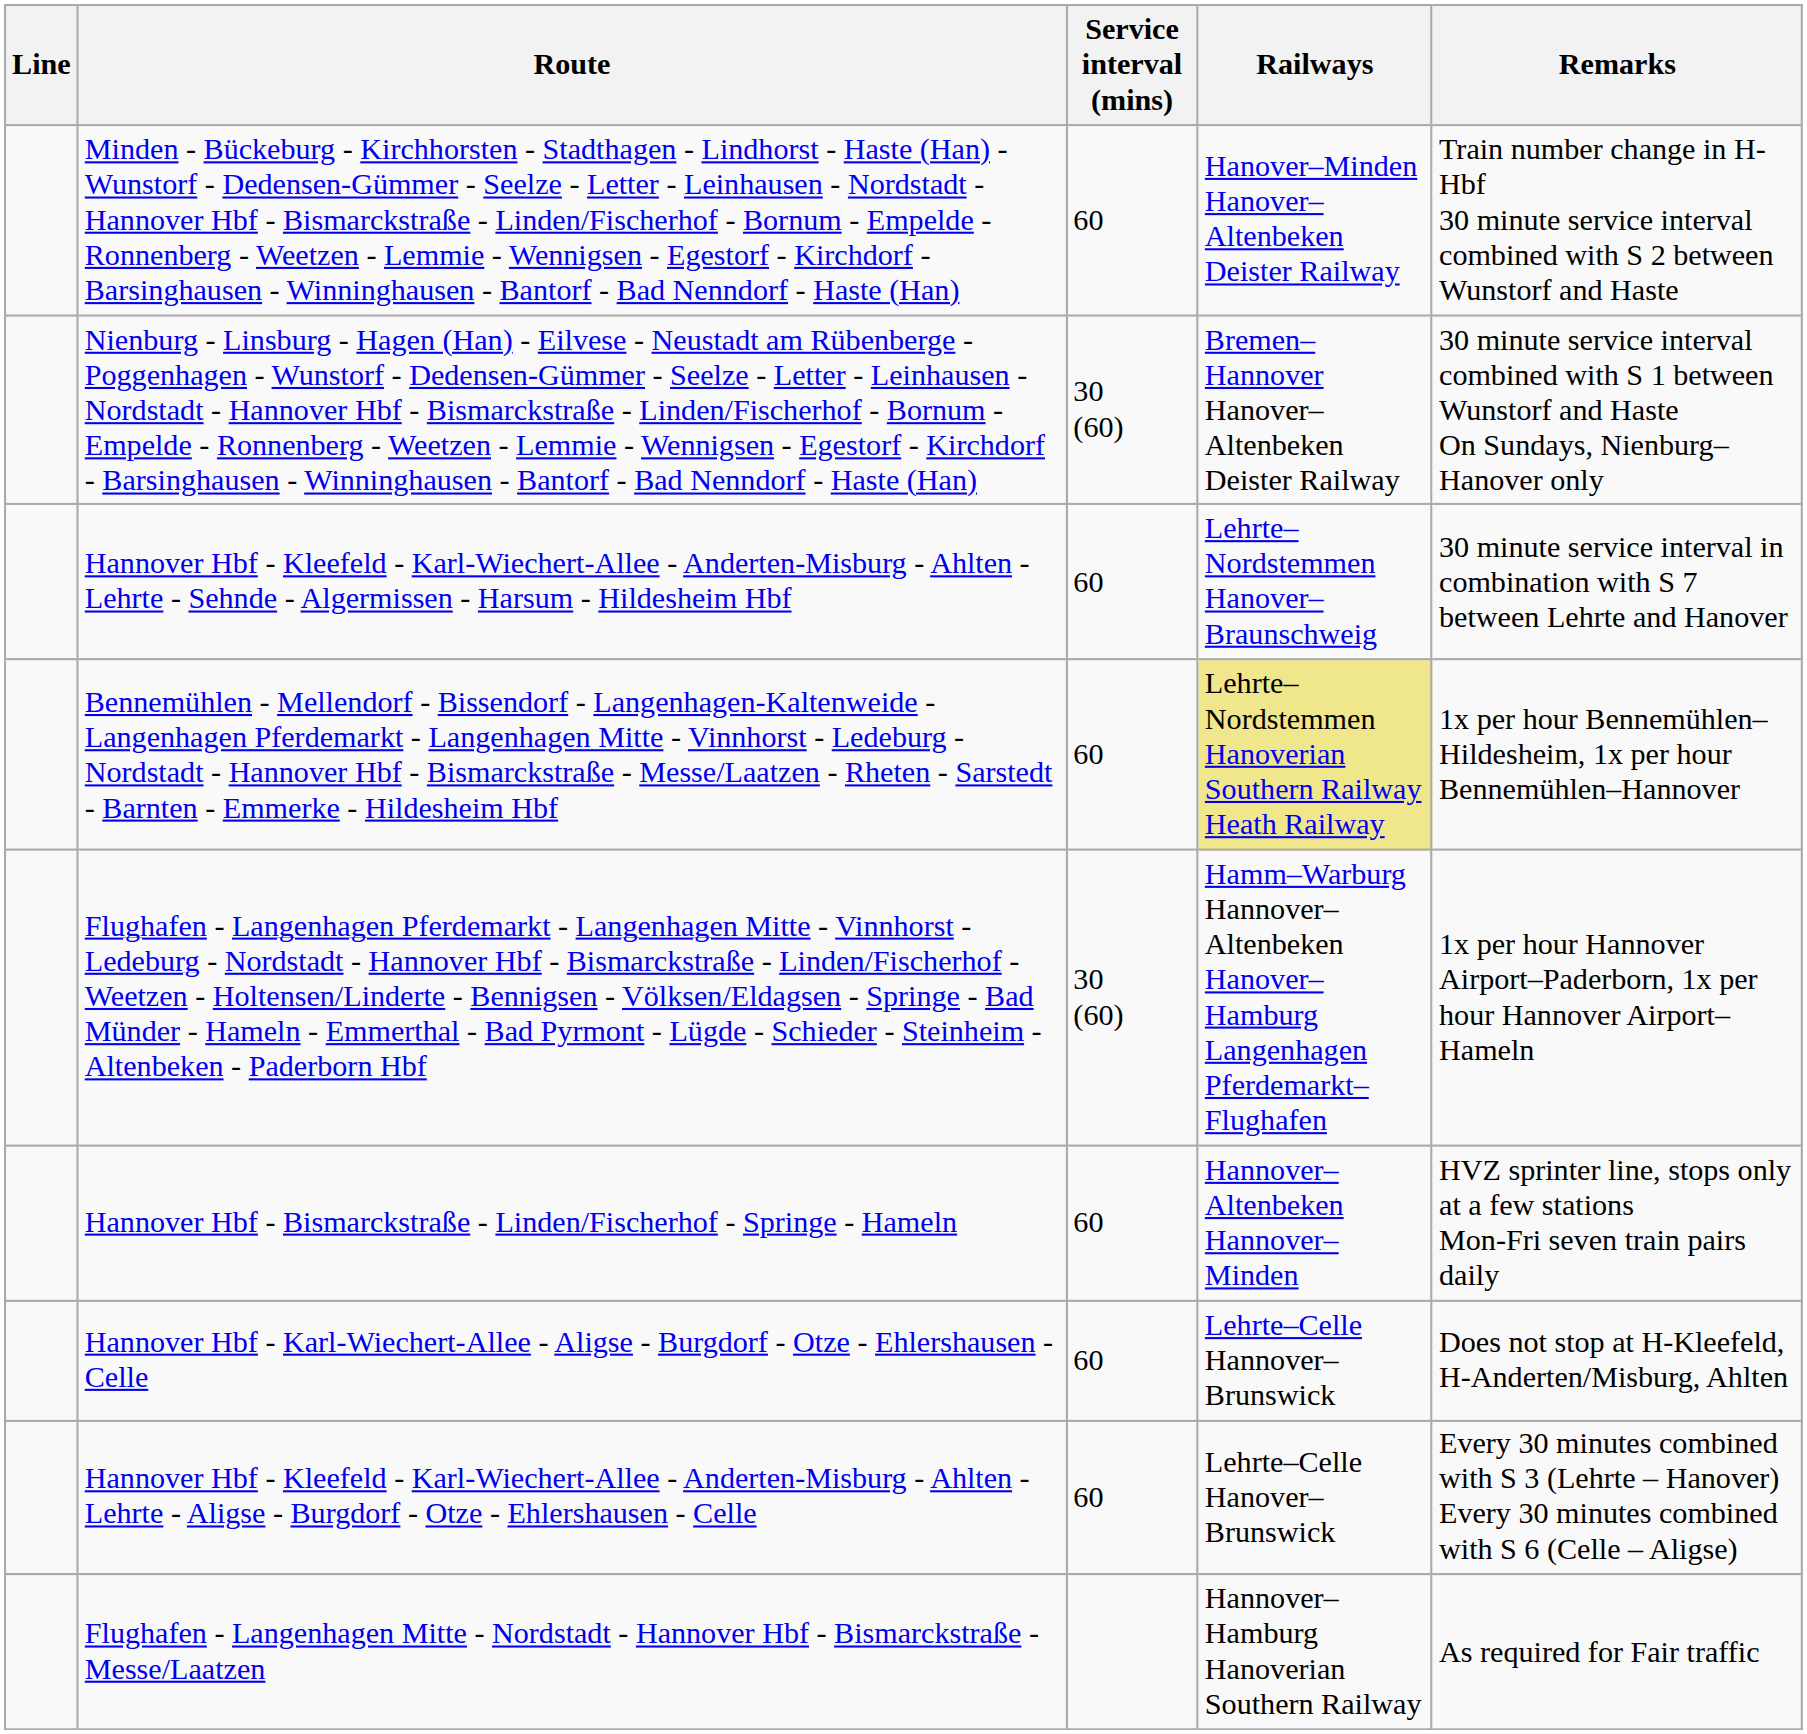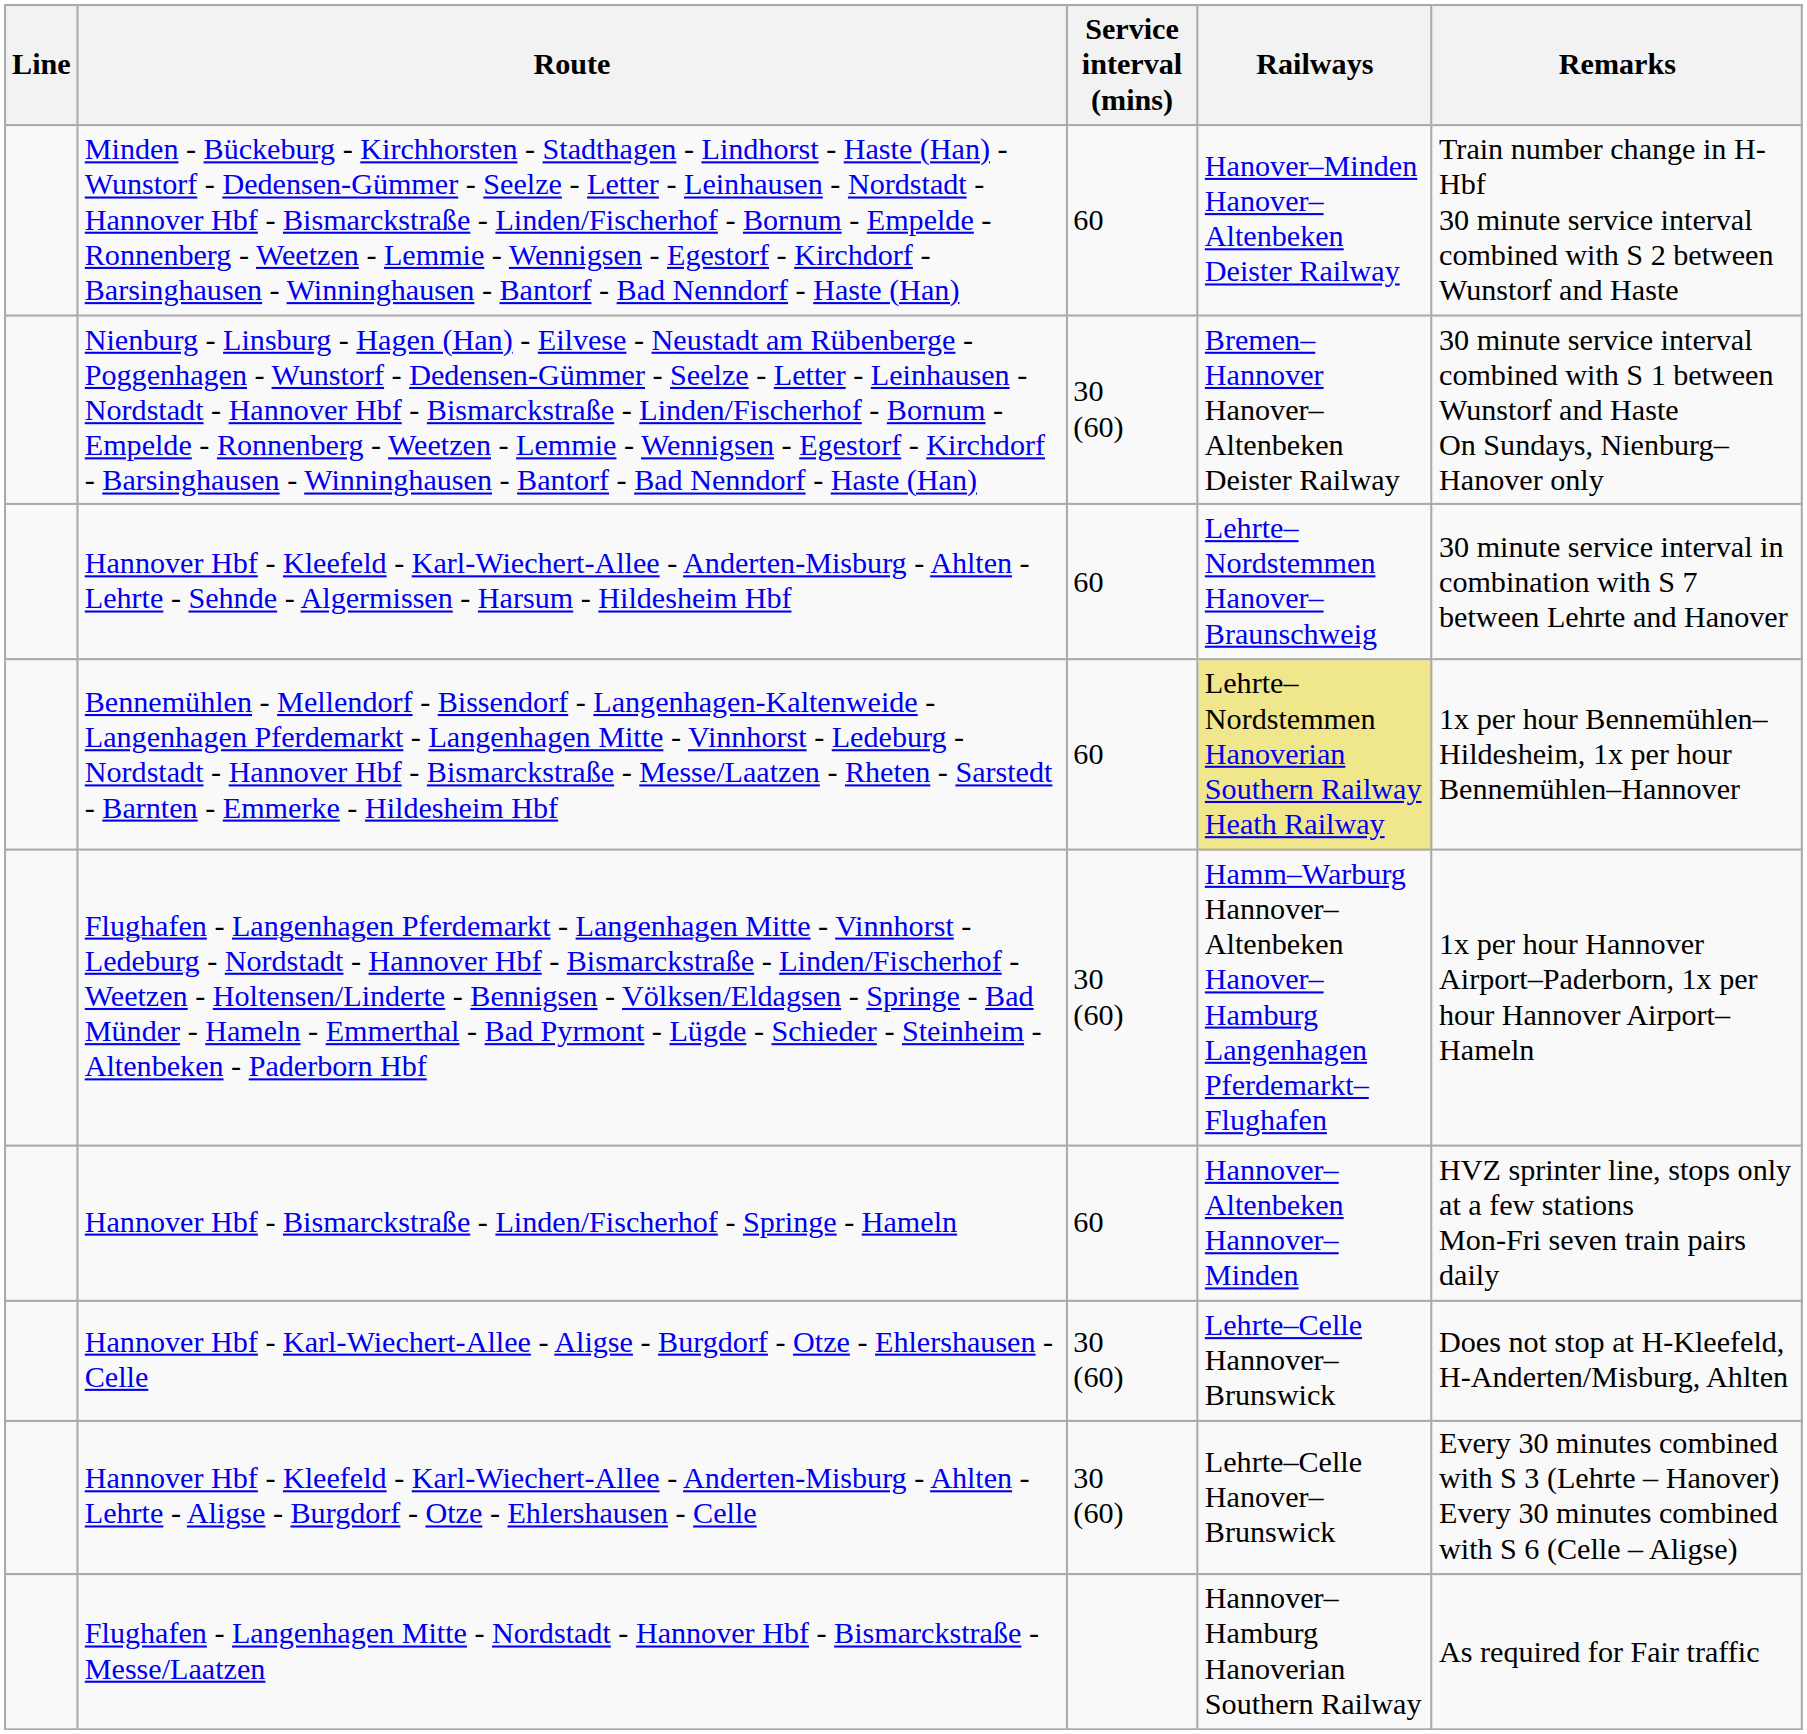 <table class="wikitable" style="font-size:91%;">
 <tr class="hintergrundfarbe5">
 <th>Line</th>
 <th>Route</th>
 <th>Service interval<br> (mins)</th>
 <th>Railways</th>
 <th>Remarks</th>
 </tr>
 <tr>
 <td style="font-size:111%;"></td>
 <td><a href='#'>Minden</a> - <a href='#'>Bückeburg</a> - <a href='#'>Kirchhorsten</a> - <a href='#'>Stadthagen</a> - <a href='#'>Lindhorst</a> - <a href='#'>Haste (Han)</a> - <a href='#'>Wunstorf</a> - <a href='#'>Dedensen-Gümmer</a> - <a href='#'>Seelze</a> - <a href='#'>Letter</a> - <a href='#'>Leinhausen</a> - <a href='#'>Nordstadt</a> - <a href='#'>Hannover Hbf</a> - <a href='#'>Bismarckstraße</a> - <a href='#'>Linden/Fischerhof</a> - <a href='#'>Bornum</a> - <a href='#'>Empelde</a> - <a href='#'>Ronnenberg</a> - <a href='#'>Weetzen</a> - <a href='#'>Lemmie</a> - <a href='#'>Wennigsen</a> - <a href='#'>Egestorf</a> - <a href='#'>Kirchdorf</a> - <a href='#'>Barsinghausen</a> - <a href='#'>Winninghausen</a> - <a href='#'>Bantorf</a> - <a href='#'>Bad Nenndorf</a> - <a href='#'>Haste (Han)</a></td>
 <td>60</td>
 <td><a href='#'>Hanover–Minden</a> <br> <a href='#'>Hanover–Altenbeken</a> <br> <a href='#'>Deister Railway</a></td>
 <td>Train number change in H-Hbf <br> 30 minute service interval combined with S 2 between Wunstorf and Haste</td>
 </tr>
 <tr>
 <td style="font-size:111%;"></td>
 <td><a href='#'>Nienburg</a> - <a href='#'>Linsburg</a> - <a href='#'>Hagen (Han)</a> - <a href='#'>Eilvese</a> - <a href='#'>Neustadt am Rübenberge</a> - <a href='#'>Poggenhagen</a> - <a href='#'>Wunstorf</a> - <a href='#'>Dedensen-Gümmer</a> - <a href='#'>Seelze</a> - <a href='#'>Letter</a> - <a href='#'>Leinhausen</a> - <a href='#'>Nordstadt</a> - <a href='#'>Hannover Hbf</a> - <a href='#'>Bismarckstraße</a> - <a href='#'>Linden/Fischerhof</a> - <a href='#'>Bornum</a> - <a href='#'>Empelde</a> - <a href='#'>Ronnenberg</a> - <a href='#'>Weetzen</a> - <a href='#'>Lemmie</a> - <a href='#'>Wennigsen</a> - <a href='#'>Egestorf</a> - <a href='#'>Kirchdorf</a> - <a href='#'>Barsinghausen</a> - <a href='#'>Winninghausen</a> - <a href='#'>Bantorf</a> - <a href='#'>Bad Nenndorf</a> - <a href='#'>Haste (Han)</a></td>
 <td>30 <br> (60)</td>
 <td><a href='#'>Bremen–Hannover</a> <br> Hanover–Altenbeken <br> Deister Railway</td>
 <td>30 minute service interval combined with S 1 between Wunstorf and Haste<br> On Sundays, Nienburg–Hanover only</td>
 </tr>
 <tr>
 <td style="font-size:111%;"></td>
 <td><a href='#'>Hannover Hbf</a> - <a href='#'>Kleefeld</a> - <a href='#'>Karl-Wiechert-Allee</a> - <a href='#'>Anderten-Misburg</a> - <a href='#'>Ahlten</a> - <a href='#'>Lehrte</a> - <a href='#'>Sehnde</a>  - <a href='#'>Algermissen</a> - <a href='#'>Harsum</a> - <a href='#'>Hildesheim Hbf</a></td>
 <td>60</td>
 <td><a href='#'>Lehrte–Nordstemmen</a> <br> <a href='#'>Hanover–Braunschweig</a></td>
 <td>30 minute service interval in combination with S 7 between Lehrte and Hanover</td>
 </tr>
 <tr>
 <td style="font-size:111%;"></td>
 <td><a href='#'>Bennemühlen</a> - <a href='#'>Mellendorf</a> - <a href='#'>Bissendorf</a> - <a href='#'>Langenhagen-Kaltenweide</a> - <a href='#'>Langenhagen Pferdemarkt</a> - <a href='#'>Langenhagen Mitte</a> - <a href='#'>Vinnhorst</a> - <a href='#'>Ledeburg</a> - <a href='#'>Nordstadt</a> - <a href='#'>Hannover Hbf</a> - <a href='#'>Bismarckstraße</a> - <a href='#'>Messe/Laatzen</a> - <a href='#'>Rheten</a> - <a href='#'>Sarstedt</a> - <a href='#'>Barnten</a> - <a href='#'>Emmerke</a> - <a href='#'>Hildesheim Hbf</a></td>
 <td>60</td>
 <td style="background: khaki;">Lehrte–Nordstemmen <br> <a href='#'>Hanoverian Southern Railway</a> <br> <a href='#'>Heath Railway</a></td>
 <td>1x per hour Bennemühlen–Hildesheim, 1x per hour Bennemühlen–Hannover</td>
 </tr>
 <tr>
 <td style="font-size:111%;"></td>
 <td><a href='#'>Flughafen</a> - <a href='#'>Langenhagen Pferdemarkt</a> - <a href='#'>Langenhagen Mitte</a> - <a href='#'>Vinnhorst</a> - <a href='#'>Ledeburg</a> - <a href='#'>Nordstadt</a> - <a href='#'>Hannover Hbf</a> - <a href='#'>Bismarckstraße</a> - <a href='#'>Linden/Fischerhof</a> - <a href='#'>Weetzen</a> - <a href='#'>Holtensen/Linderte</a> - <a href='#'>Bennigsen</a> - <a href='#'>Völksen/Eldagsen</a> - <a href='#'>Springe</a> - <a href='#'>Bad Münder</a> - <a href='#'>Hameln</a> - <a href='#'>Emmerthal</a> - <a href='#'>Bad Pyrmont</a> - <a href='#'>Lügde</a> - <a href='#'>Schieder</a> - <a href='#'>Steinheim</a> - <a href='#'>Altenbeken</a> - <a href='#'>Paderborn Hbf</a></td>
 <td>30 <br> (60)</td>
 <td><a href='#'>Hamm–Warburg</a> <br> Hannover–Altenbeken <br>  <a href='#'>Hanover–Hamburg</a> <br> <a href='#'>Langenhagen Pferdemarkt–Flughafen</a></td>
 <td>1x per hour Hannover Airport–Paderborn, 1x per hour Hannover Airport–Hameln</td>
 </tr>
 <tr>
 <td style="font-size:111%;"></td>
 <td><a href='#'>Hannover Hbf</a> - <a href='#'>Bismarckstraße</a> - <a href='#'>Linden/Fischerhof</a> - <a href='#'>Springe</a> - <a href='#'>Hameln</a></td>
 <td>60</td>
 <td><a href='#'>Hannover–Altenbeken</a><br><a href='#'>Hannover–Minden</a></td>
 <td>HVZ sprinter line, stops only at a few stations<br>Mon-Fri seven train pairs daily</td>
 </tr>
 <tr>
 <td style="font-size:111%;"></td>
 <td><a href='#'>Hannover Hbf</a> - <a href='#'>Karl-Wiechert-Allee</a> - <a href='#'>Aligse</a> - <a href='#'>Burgdorf</a> - <a href='#'>Otze</a> - <a href='#'>Ehlershausen</a> - <a href='#'>Celle</a></td>
-<td>60</td>
+<td>30 <br> (60)</td>
 <td><a href='#'>Lehrte–Celle</a> <br> Hannover–Brunswick</td>
 <td>Does not stop at H-Kleefeld, H-Anderten/Misburg, Ahlten</td>
 </tr>
 <tr>
 <td style="font-size:111%;"></td>
 <td><a href='#'>Hannover Hbf</a> - <a href='#'>Kleefeld</a> - <a href='#'>Karl-Wiechert-Allee</a> - <a href='#'>Anderten-Misburg</a> - <a href='#'>Ahlten</a> - <a href='#'>Lehrte</a> - <a href='#'>Aligse</a> - <a href='#'>Burgdorf</a> - <a href='#'>Otze</a> - <a href='#'>Ehlershausen</a> - <a href='#'>Celle</a></td>
-<td>60</td>
+<td>30 <br> (60)</td>
 <td>Lehrte–Celle <br> Hanover–Brunswick</td>
 <td>Every 30 minutes combined with S 3 (Lehrte – Hanover) <br> Every 30 minutes combined with S 6 (Celle – Aligse)</td>
 </tr>
 <tr>
 <td style="font-size:111%;"></td>
 <td><a href='#'>Flughafen</a> - <a href='#'>Langenhagen Mitte</a> - <a href='#'>Nordstadt</a> - <a href='#'>Hannover Hbf</a> - <a href='#'>Bismarckstraße</a> - <a href='#'>Messe/Laatzen</a></td>
 <td></td>
 <td>Hannover–Hamburg <br> Hanoverian Southern Railway</td>
 <td>As required for Fair traffic</td>
 </tr>
 </table>
